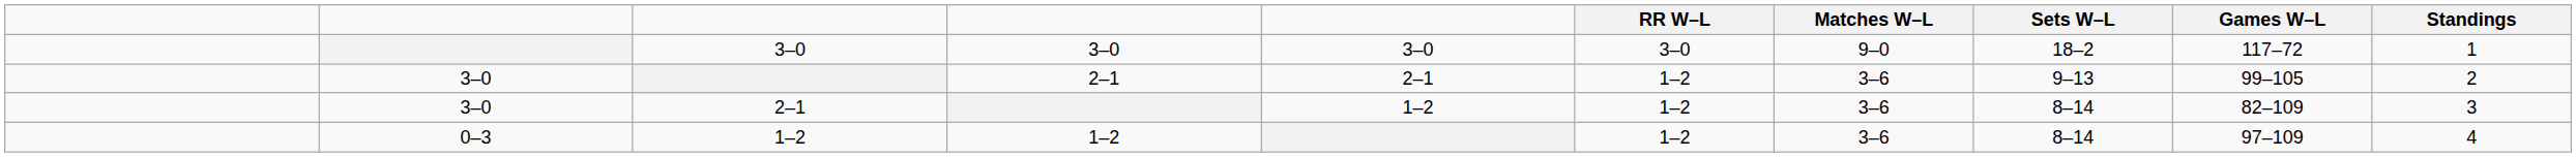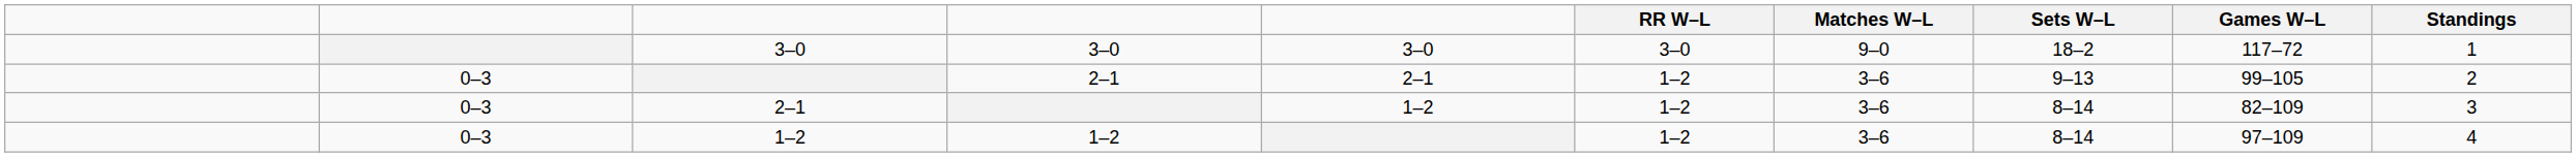 <table class="wikitable" style="width: 100%; text-align:center; font-size:90%">
 <tr>
 <td width=130></td>
 <td width=130></td>
 <td width=130></td>
 <td width=130></td>
 <td width=130></td>
 <th width=80>RR W–L</th>
 <th width=80>Matches W–L</th>
 <th width=80>Sets W–L</th>
 <th width=80>Games W–L</th>
 <th width=80>Standings</th>
 </tr>
 <tr>
 <td style="text-align:left;"></td>
 <th bgcolor="ededed"></th>
 <td>3–0</td>
 <td>3–0</td>
 <td>3–0</td>
 <td>3–0</td>
 <td>9–0</td>
 <td>18–2</td>
 <td>117–72</td>
 <td>1</td>
 </tr>
 <tr>
 <td style="text-align:left;"></td>
-<td>3–0</td>
+<td>0–3</td>
 <th bgcolor="ededed"></th>
 <td>2–1</td>
 <td>2–1</td>
 <td>1–2</td>
 <td>3–6</td>
 <td>9–13</td>
 <td>99–105</td>
 <td>2</td>
 </tr>
 <tr>
 <td style="text-align:left;"></td>
-<td>3–0</td>
+<td>0–3</td>
 <td>2–1</td>
 <th bgcolor="ededed"></th>
 <td>1–2</td>
 <td>1–2</td>
 <td>3–6</td>
 <td>8–14</td>
 <td>82–109</td>
 <td>3</td>
 </tr>
 <tr>
 <td style="text-align:left;"></td>
 <td>0–3</td>
 <td>1–2</td>
 <td>1–2</td>
 <th bgcolor="ededed"></th>
 <td>1–2</td>
 <td>3–6</td>
 <td>8–14</td>
 <td>97–109</td>
 <td>4</td>
 </tr>
 </table>
